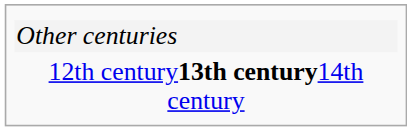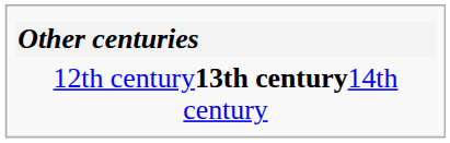 <table class="infobox" width="250">
 <tr>
 <td></td>
 </tr>
 <tr style="background-color:#f3f3f3">
-<td><em>Other centuries</em></td>
+<td><strong><em>Other centuries</em></strong></td>
 </tr>
 <tr>
 <td align="center"><a href='#'>12th century</a><strong>13th century</strong><a href='#'>14th century</a></td>
 </tr>
 </table>
